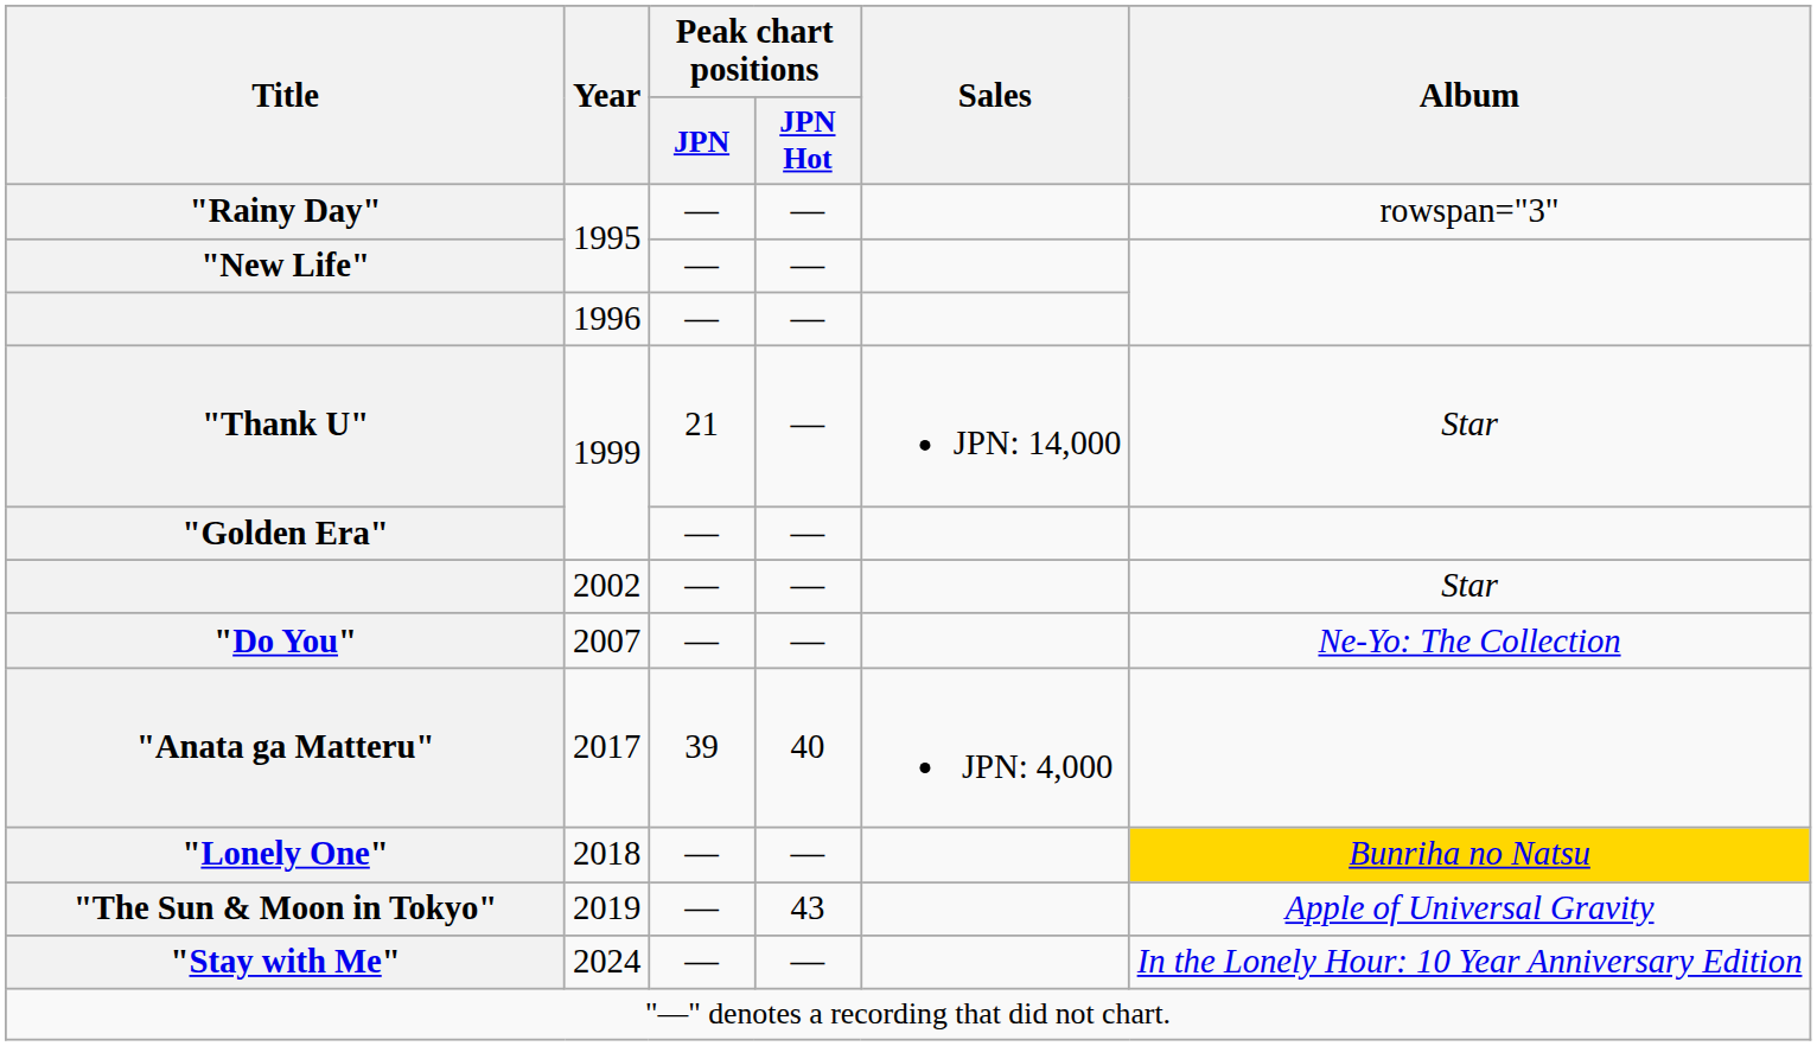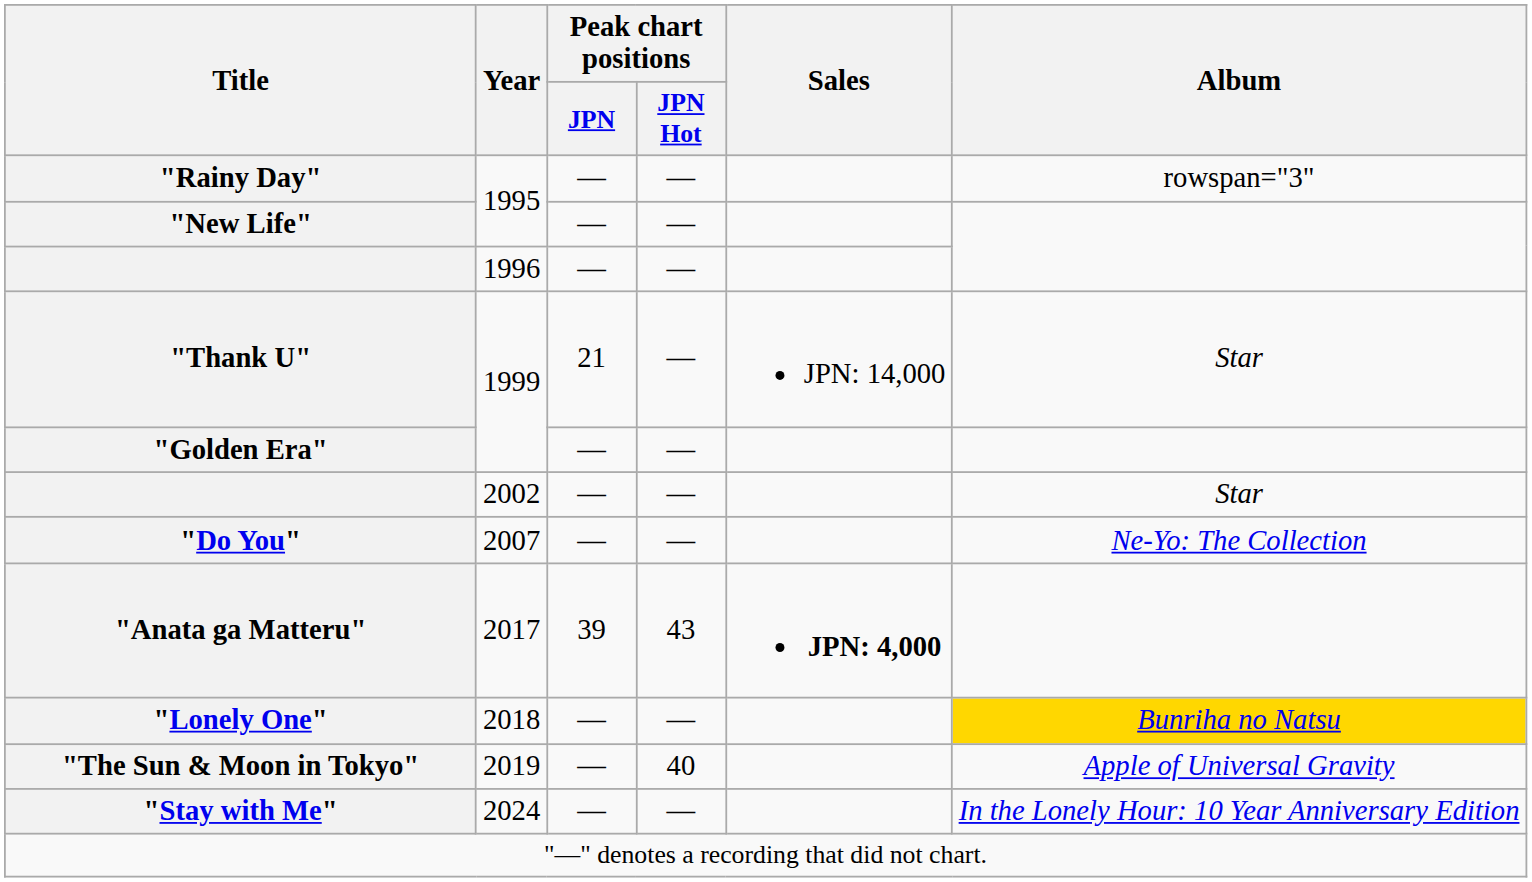 <table class="wikitable plainrowheaders" style="text-align:center;">
 <tr>
 <th rowspan="2" scope="col" style="width:16em;">Title</th>
 <th rowspan="2" scope="col">Year</th>
 <th colspan="2" scope="col">Peak chart positions</th>
 <th rowspan="2" scope="col">Sales</th>
 <th rowspan="2" scope="col">Album</th>
 </tr>
 <tr>
 <th scope="col" style="width:3em;font-size:90%;"><a href='#'>JPN</a><br></th>
 <th scope="col" style="width:3em;font-size:90%;"><a href='#'>JPN Hot</a><br></th>
 </tr>
 <tr>
 <th scope="row">"Rainy Day"<br></th>
 <td rowspan="2">1995</td>
 <td>—</td>
 <td>—</td>
 <td></td>
 <td>rowspan="3" </td>
 </tr>
 <tr>
 <th scope="row">"New Life"<br></th>
 <td>—</td>
 <td>—</td>
 <td></td>
 </tr>
 <tr>
 <th scope="row"><br></th>
 <td>1996</td>
 <td>—</td>
 <td>—</td>
 <td></td>
 </tr>
 <tr>
 <th scope="row">"Thank U"<br></th>
 <td rowspan="2">1999</td>
 <td>21</td>
 <td>—</td>
 <td><br><ul><li>JPN: 14,000</li></ul></td>
 <td><em>Star</em></td>
 </tr>
 <tr>
 <th scope="row">"Golden Era"<br></th>
 <td>—</td>
 <td>—</td>
 <td></td>
 <td></td>
 </tr>
 <tr>
 <th scope="row"><br></th>
 <td>2002</td>
 <td>—</td>
 <td>—</td>
 <td></td>
 <td><em>Star</em></td>
 </tr>
 <tr>
 <th scope="row">"<a href='#'>Do You</a>"<br></th>
 <td>2007</td>
 <td>—</td>
 <td>—</td>
 <td></td>
 <td><em><a href='#'>Ne-Yo: The Collection</a></em></td>
 </tr>
 <tr>
 <th scope="row">"Anata ga Matteru"<br></th>
 <td>2017</td>
 <td>39</td>
-<td>40</td>
-<td><br><ul><li>JPN: 4,000</li></ul></td>
+<td>43</td>
+<td><strong><br><ul><li>JPN: 4,000</li></ul></strong></td>
 <td></td>
 </tr>
 <tr>
 <th scope="row">"<a href='#'>Lonely One</a>"<br></th>
 <td>2018</td>
 <td>—</td>
 <td>—</td>
 <td></td>
 <td style="background: gold;"><em><a href='#'>Bunriha no Natsu</a></em></td>
 </tr>
 <tr>
 <th scope="row">"The Sun & Moon in Tokyo"<br></th>
 <td>2019</td>
 <td>—</td>
-<td>43</td>
+<td>40</td>
 <td></td>
 <td><em><a href='#'>Apple of Universal Gravity</a></em></td>
 </tr>
 <tr>
 <th scope="row">"<a href='#'>Stay with Me</a>"<br></th>
 <td>2024</td>
 <td>—</td>
 <td>—</td>
 <td></td>
 <td><em><a href='#'>In the Lonely Hour: 10 Year Anniversary Edition</a></em></td>
 </tr>
 <tr>
 <td colspan="6" style="font-size:90%;">"—" denotes a recording that did not chart.</td>
 </tr>
 </table>
